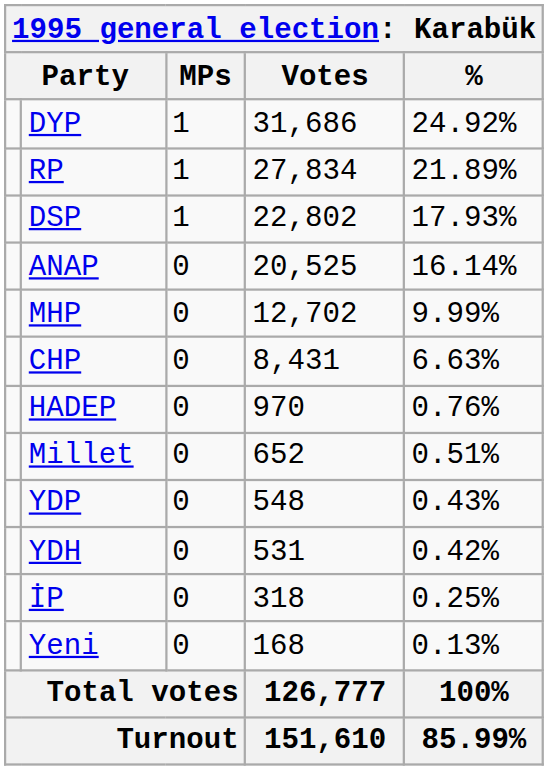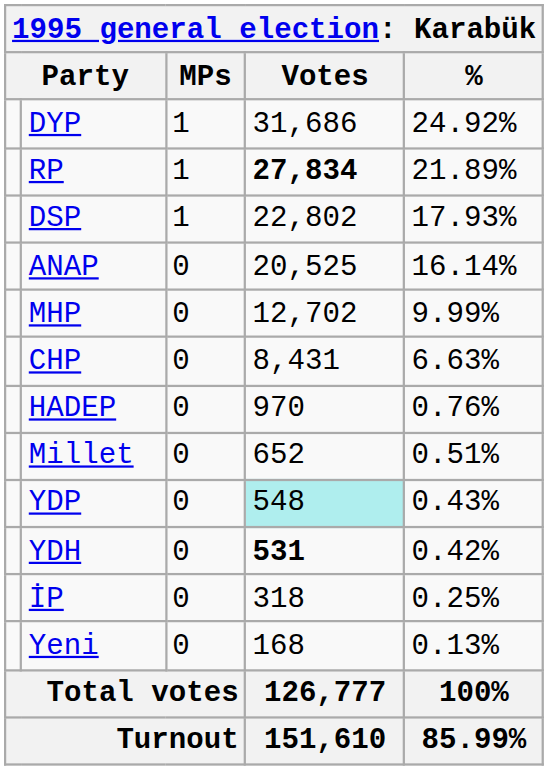 <table class="wikitable sortable">
 <tr>
 <th colspan="5"><a href='#'>1995 general election</a>: Karabük</th>
 </tr>
 <tr>
 <th colspan="2">Party</th>
 <th>MPs</th>
 <th>Votes</th>
 <th>%</th>
 </tr>
 <tr>
 <td style="background:"></td>
 <td><a href='#'>DYP</a></td>
 <td>1</td>
 <td>31,686</td>
 <td>24.92%</td>
 </tr>
 <tr>
 <td style="background:"></td>
 <td><a href='#'>RP</a></td>
 <td>1</td>
-<td>27,834</td>
+<td><strong>27,834</strong></td>
 <td>21.89%</td>
 </tr>
 <tr>
 <td style="background:"></td>
 <td><a href='#'>DSP</a></td>
 <td>1</td>
 <td>22,802</td>
 <td>17.93%</td>
 </tr>
 <tr>
 <td style="background:"></td>
 <td><a href='#'>ANAP</a></td>
 <td>0</td>
 <td>20,525</td>
 <td>16.14%</td>
 </tr>
 <tr>
 <td style="background:"></td>
 <td><a href='#'>MHP</a></td>
 <td>0</td>
 <td>12,702</td>
 <td>9.99%</td>
 </tr>
 <tr>
 <td style="background:"></td>
 <td><a href='#'>CHP</a></td>
 <td>0</td>
 <td>8,431</td>
 <td>6.63%</td>
 </tr>
 <tr>
 <td style="background:"></td>
 <td><a href='#'>HADEP</a></td>
 <td>0</td>
 <td>970</td>
 <td>0.76%</td>
 </tr>
 <tr>
 <td style="background:"></td>
 <td><a href='#'>Millet</a></td>
 <td>0</td>
 <td>652</td>
 <td>0.51%</td>
 </tr>
 <tr>
 <td style="background:"></td>
 <td><a href='#'>YDP</a></td>
 <td>0</td>
-<td>548</td>
+<td style="background: paleturquoise;">548</td>
 <td>0.43%</td>
 </tr>
 <tr>
 <td style="background:"></td>
 <td><a href='#'>YDH</a></td>
 <td>0</td>
-<td>531</td>
+<td><strong>531</strong></td>
 <td>0.42%</td>
 </tr>
 <tr>
 <td style="background:"></td>
 <td><a href='#'>İP</a></td>
 <td>0</td>
 <td>318</td>
 <td>0.25%</td>
 </tr>
 <tr>
 <td style="background:"></td>
 <td><a href='#'>Yeni</a></td>
 <td>0</td>
 <td>168</td>
 <td>0.13%</td>
 </tr>
 <tr>
 <th colspan="3" style="text-align:right">Total votes</th>
 <th>126,777</th>
 <th>100%</th>
 </tr>
 <tr>
 <th colspan="3" style="text-align:right">Turnout</th>
 <th>151,610</th>
 <th>85.99%</th>
 </tr>
 </table>
